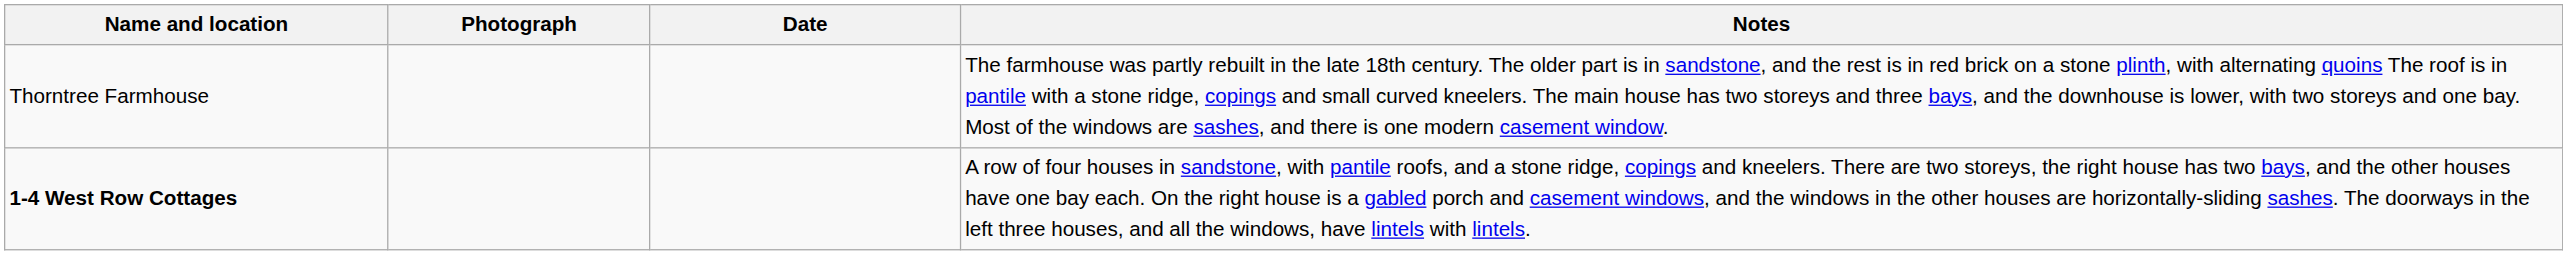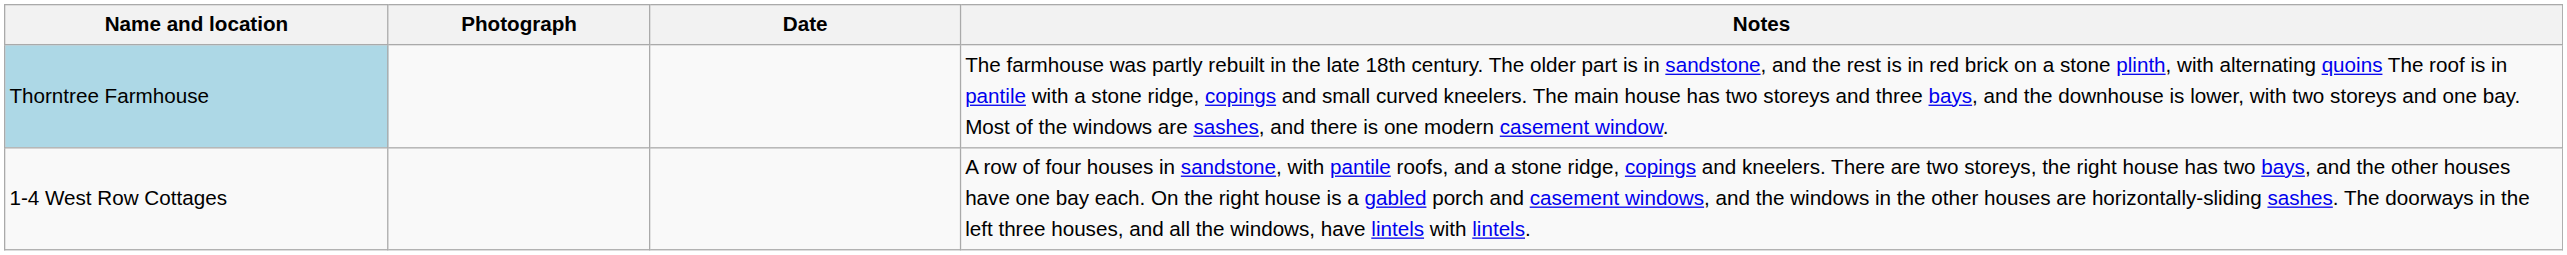 <table class="wikitable sortable plainrowheaders" style="width:100%;border:0px;text-align:left;line-height:150%;">
 <tr>
 <th scope="col"  style="width:150px">Name and location</th>
 <th scope="col"  style="width:100px" class="unsortable">Photograph</th>
 <th scope="col"  style="width:120px">Date</th>
 <th scope="col"  style="width:650px" class="unsortable">Notes</th>
 </tr>
 <tr>
-<td>Thorntree Farmhouse<br><small></small></td>
+<td style="background: lightblue;">Thorntree Farmhouse<br><small></small></td>
 <td></td>
 <td align="center"></td>
 <td>The farmhouse was partly rebuilt in the late 18th century.  The older part is in <a href='#'>sandstone</a>, and the rest is in red brick on a stone <a href='#'>plinth</a>, with alternating <a href='#'>quoins</a>  The roof is in <a href='#'>pantile</a> with a stone ridge, <a href='#'>copings</a> and small curved kneelers.  The main house has two storeys and three <a href='#'>bays</a>, and the downhouse is lower, with two storeys and one bay.  Most of the windows are <a href='#'>sashes</a>, and there is one modern <a href='#'>casement window</a>.</td>
 </tr>
 <tr>
-<td><strong>1-4 West Row Cottages<br><small></small></strong></td>
+<td>1-4 West Row Cottages<br><small></small></td>
 <td></td>
 <td align="center"></td>
 <td>A row of four houses in <a href='#'>sandstone</a>, with <a href='#'>pantile</a> roofs, and a stone ridge, <a href='#'>copings</a> and kneelers.  There are two storeys, the right house has two <a href='#'>bays</a>, and the other houses have one bay each.  On the right house is a <a href='#'>gabled</a> porch and <a href='#'>casement windows</a>, and the windows in the other houses are horizontally-sliding <a href='#'>sashes</a>.  The doorways in the left three houses, and all the windows, have <a href='#'>lintels</a> with <a href='#'>lintels</a>.</td>
 </tr>
 <tr>
 </tr>
 </table>
